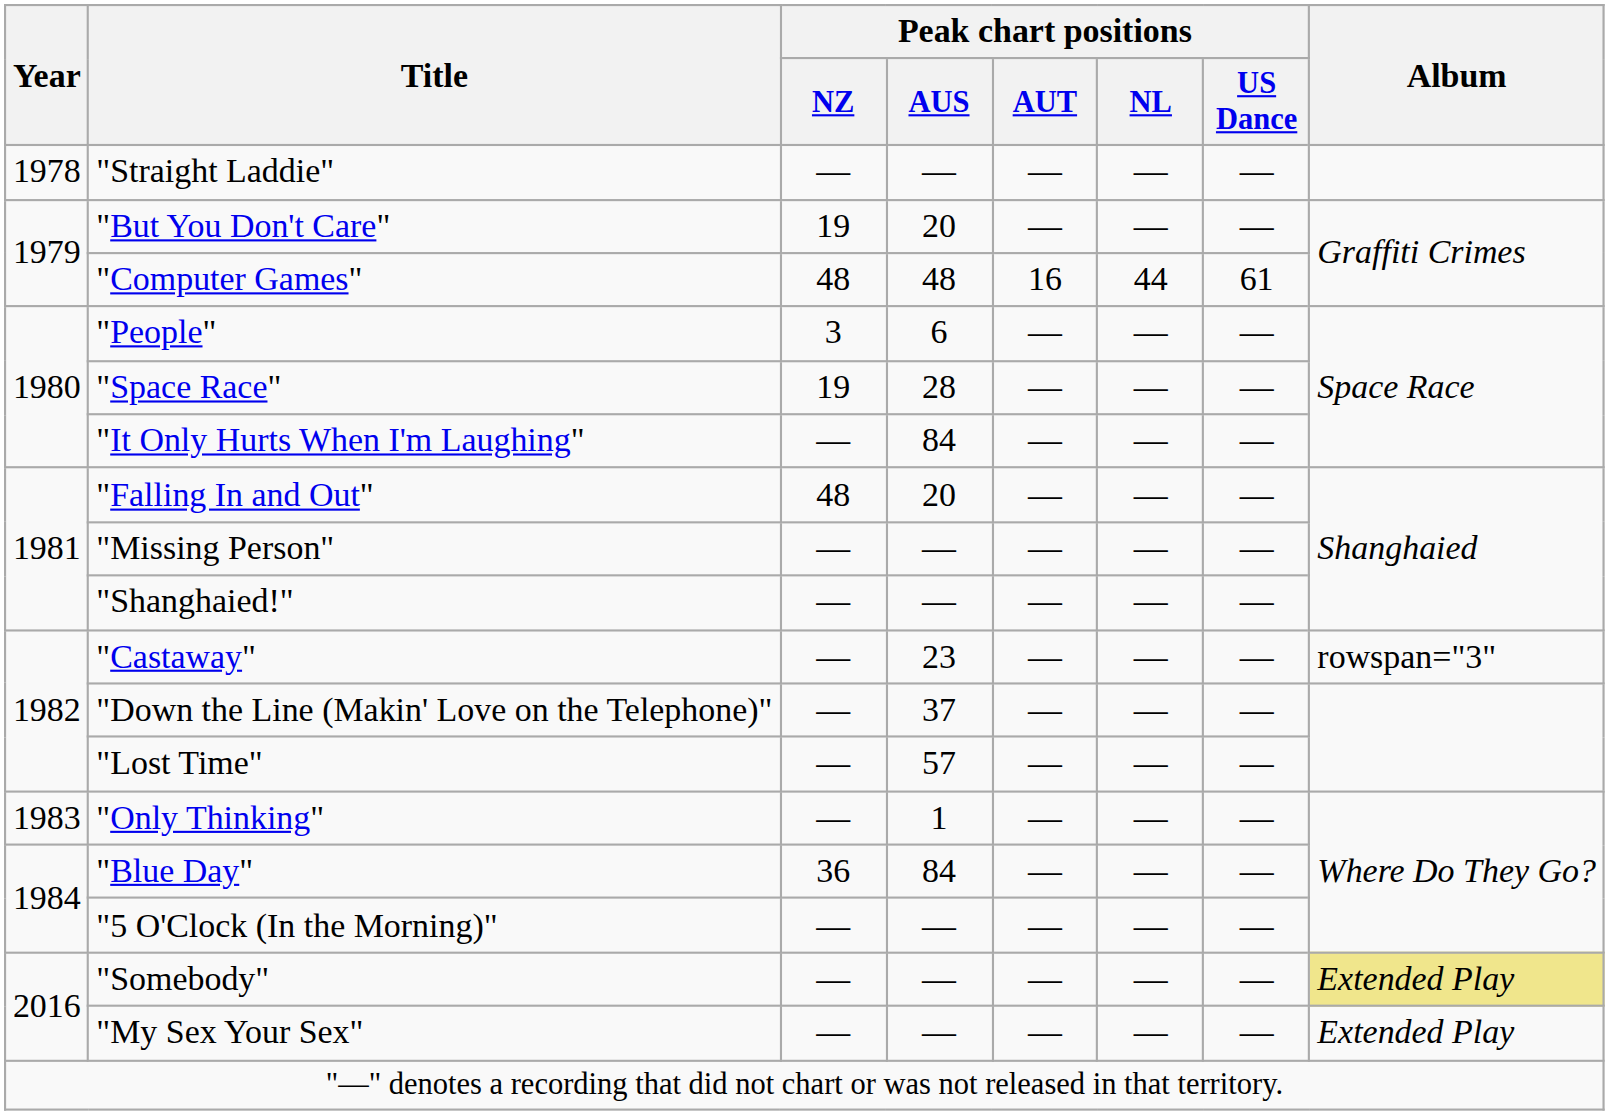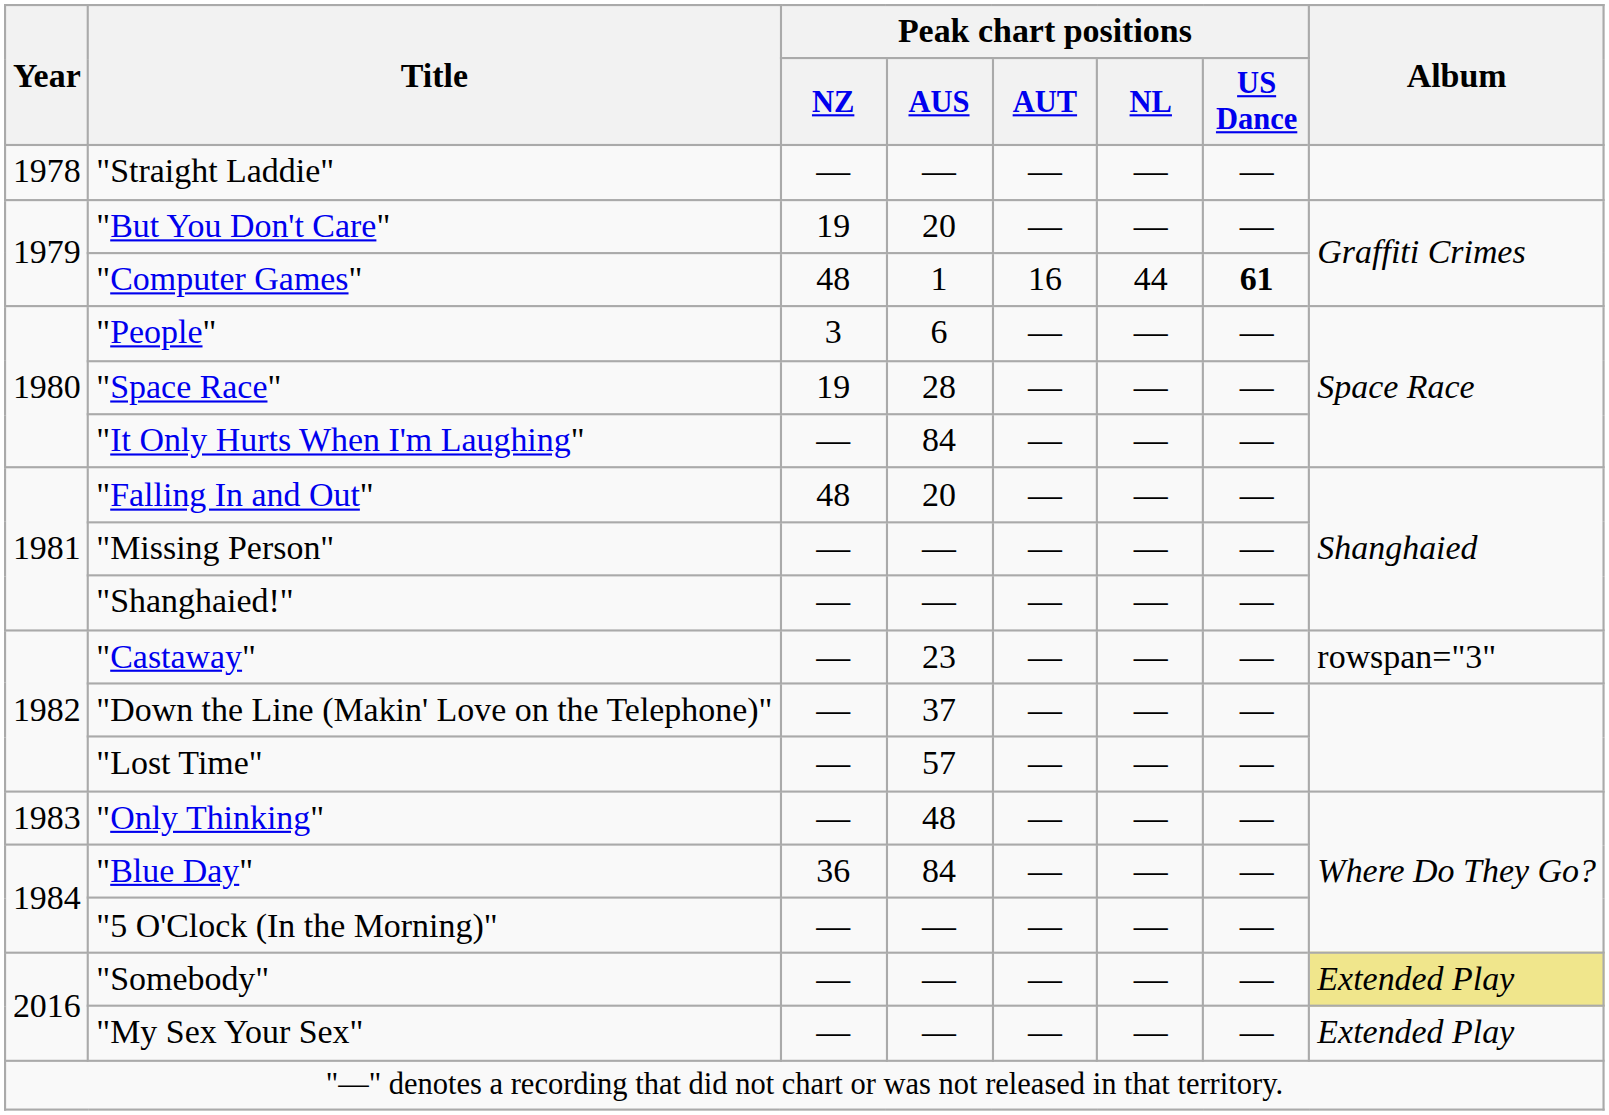 <table class="wikitable plainrowheaders">
 <tr>
 <th rowspan="2" width="1em">Year</th>
 <th rowspan="2">Title</th>
 <th colspan="5">Peak chart positions</th>
 <th rowspan="2">Album</th>
 </tr>
 <tr>
 <th scope="col" style="width:3em; font-size:90%"><a href='#'>NZ</a><br></th>
 <th scope="col" style="width:3em; font-size:90%"><a href='#'>AUS</a><br></th>
 <th scope="col" style="width:3em; font-size:90%"><a href='#'>AUT</a><br></th>
 <th scope="col" style="width:3em; font-size:90%"><a href='#'>NL</a><br></th>
 <th scope="col" style="width:3em; font-size:90%"><a href='#'>US<br>Dance</a><br></th>
 </tr>
 <tr>
 <td>1978</td>
 <td>"Straight Laddie"</td>
 <td align="center">—</td>
 <td align="center">—</td>
 <td align="center">—</td>
 <td align="center">—</td>
 <td align="center">—</td>
 <td></td>
 </tr>
 <tr>
 <td rowspan="2">1979</td>
 <td>"<a href='#'>But You Don't Care</a>"</td>
 <td align="center">19</td>
 <td align="center">20</td>
 <td align="center">—</td>
 <td align="center">—</td>
 <td align="center">—</td>
 <td rowspan="2"><em>Graffiti Crimes</em></td>
 </tr>
 <tr>
 <td>"<a href='#'>Computer Games</a>"</td>
 <td align="center">48</td>
-<td align="center">48</td>
+<td align="center">1</td>
 <td align="center">16</td>
 <td align="center">44</td>
-<td align="center">61</td>
+<td align="center"><strong>61</strong></td>
 </tr>
 <tr>
 <td rowspan="3">1980</td>
 <td>"<a href='#'>People</a>"</td>
 <td align="center">3</td>
 <td align="center">6</td>
 <td align="center">—</td>
 <td align="center">—</td>
 <td align="center">—</td>
 <td rowspan="3"><em>Space Race</em></td>
 </tr>
 <tr>
 <td>"<a href='#'>Space Race</a>"</td>
 <td align="center">19</td>
 <td align="center">28</td>
 <td align="center">—</td>
 <td align="center">—</td>
 <td align="center">—</td>
 </tr>
 <tr>
 <td>"<a href='#'>It Only Hurts When I'm Laughing</a>"</td>
 <td align="center">—</td>
 <td align="center">84</td>
 <td align="center">—</td>
 <td align="center">—</td>
 <td align="center">—</td>
 </tr>
 <tr>
 <td rowspan="3">1981</td>
 <td>"<a href='#'>Falling In and Out</a>"</td>
 <td align="center">48</td>
 <td align="center">20</td>
 <td align="center">—</td>
 <td align="center">—</td>
 <td align="center">—</td>
 <td rowspan="3"><em>Shanghaied</em></td>
 </tr>
 <tr>
 <td>"Missing Person"</td>
 <td align="center">—</td>
 <td align="center">—</td>
 <td align="center">—</td>
 <td align="center">—</td>
 <td align="center">—</td>
 </tr>
 <tr>
 <td>"Shanghaied!"</td>
 <td align="center">—</td>
 <td align="center">—</td>
 <td align="center">—</td>
 <td align="center">—</td>
 <td align="center">—</td>
 </tr>
 <tr>
 <td rowspan="3">1982</td>
 <td>"<a href='#'>Castaway</a>"</td>
 <td align="center">—</td>
 <td align="center">23</td>
 <td align="center">—</td>
 <td align="center">—</td>
 <td align="center">—</td>
 <td>rowspan="3" </td>
 </tr>
 <tr>
 <td>"Down the Line (Makin' Love on the Telephone)"</td>
 <td align="center">—</td>
 <td align="center">37</td>
 <td align="center">—</td>
 <td align="center">—</td>
 <td align="center">—</td>
 </tr>
 <tr>
 <td>"Lost Time"</td>
 <td align="center">—</td>
 <td align="center">57</td>
 <td align="center">—</td>
 <td align="center">—</td>
 <td align="center">—</td>
 </tr>
 <tr>
 <td>1983</td>
 <td>"<a href='#'>Only Thinking</a>"</td>
 <td align="center">—</td>
-<td align="center">1</td>
+<td align="center">48</td>
 <td align="center">—</td>
 <td align="center">—</td>
 <td align="center">—</td>
 <td rowspan="3"><em>Where Do They Go?</em></td>
 </tr>
 <tr>
 <td rowspan="2">1984</td>
 <td>"<a href='#'>Blue Day</a>"</td>
 <td align="center">36</td>
 <td align="center">84</td>
 <td align="center">—</td>
 <td align="center">—</td>
 <td align="center">—</td>
 </tr>
 <tr>
 <td>"5 O'Clock (In the Morning)"</td>
 <td align="center">—</td>
 <td align="center">—</td>
 <td align="center">—</td>
 <td align="center">—</td>
 <td align="center">—</td>
 </tr>
 <tr>
 <td rowspan="2">2016</td>
 <td>"Somebody"</td>
 <td align="center">—</td>
 <td align="center">—</td>
 <td align="center">—</td>
 <td align="center">—</td>
 <td align="center">—</td>
 <td style="background: khaki;"><em>Extended Play</em></td>
 </tr>
 <tr>
 <td>"My Sex Your Sex"</td>
 <td align="center">—</td>
 <td align="center">—</td>
 <td align="center">—</td>
 <td align="center">—</td>
 <td align="center">—</td>
 <td><em>Extended Play</em></td>
 </tr>
 <tr>
 <td colspan="8" style="font-size:90%" align="center">"—" denotes a recording that did not chart or was not released in that territory.</td>
 </tr>
 </table>
